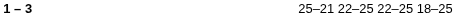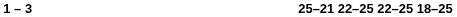 <table width=100% cellspacing=1>
 <tr>
 <th width=20%></th>
 <th width=12%></th>
 <th width=20%></th>
 <th width=33%></th>
 <td></td>
 </tr>
 <tr style=font-size:95%>
 <td align=right></td>
 <td align=center><strong>1 – 3</strong></td>
 <td><strong></strong></td>
-<td>25–21 22–25 22–25 18–25</td>
+<td><strong>25–21 22–25 22–25 18–25</strong></td>
 </tr>
 </table>
